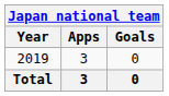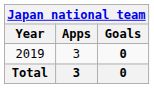 <table class="wikitable" style="text-align:center">
 <tr>
 <th colspan="3"><a href='#'>Japan national team</a></th>
 </tr>
 <tr>
 <th>Year</th>
 <th>Apps</th>
 <th>Goals</th>
 </tr>
 <tr>
 <td>2019</td>
 <td>3</td>
-<td>0</td>
+<td><strong>0</strong></td>
 </tr>
 <tr>
 <th>Total</th>
 <th>3</th>
 <th>0</th>
 </tr>
 </table>
